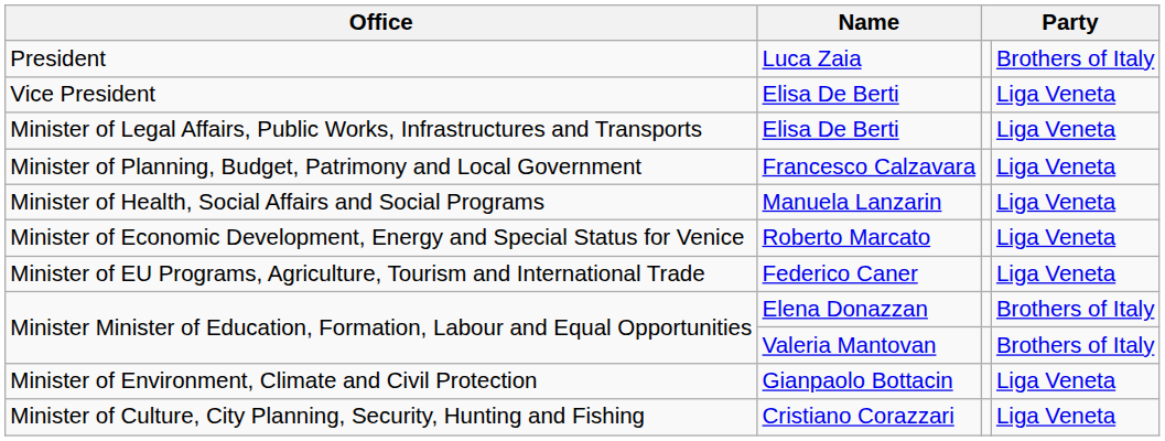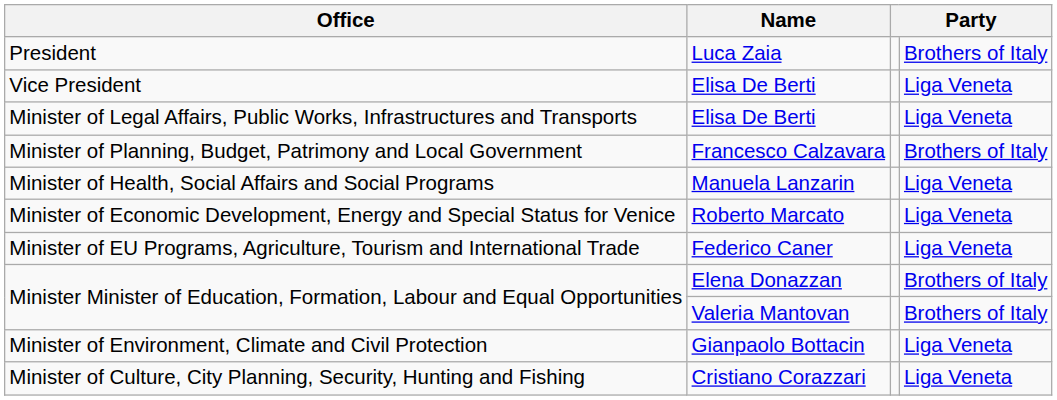 <table class="wikitable">
 <tr>
 <th>Office</th>
 <th>Name</th>
 <th colspan=2>Party</th>
 </tr>
 <tr>
 <td>President</td>
 <td><a href='#'>Luca Zaia</a></td>
 <td style="color:inherit;background:"></td>
 <td><a href='#'>Brothers of Italy</a></td>
 </tr>
 <tr>
 <td>Vice President</td>
 <td><a href='#'>Elisa De Berti</a></td>
 <td style="color:inherit;background:"></td>
 <td><a href='#'>Liga Veneta</a></td>
 </tr>
 <tr>
 <td>Minister of Legal Affairs, Public Works, Infrastructures and Transports</td>
 <td><a href='#'>Elisa De Berti</a></td>
 <td style="color:inherit;background:"></td>
 <td><a href='#'>Liga Veneta</a></td>
 </tr>
 <tr>
 <td>Minister of Planning, Budget, Patrimony and Local Government</td>
 <td><a href='#'>Francesco Calzavara</a></td>
 <td style="color:inherit;background:"></td>
-<td><a href='#'>Liga Veneta</a></td>
+<td><a href='#'>Brothers of Italy</a></td>
 </tr>
 <tr>
 <td>Minister of Health, Social Affairs and Social Programs</td>
 <td><a href='#'>Manuela Lanzarin</a></td>
 <td></td>
 <td><a href='#'>Liga Veneta</a></td>
 </tr>
 <tr>
 <td>Minister of Economic Development, Energy and Special Status for Venice</td>
 <td><a href='#'>Roberto Marcato</a></td>
 <td style="color:inherit;background:"></td>
 <td><a href='#'>Liga Veneta</a></td>
 </tr>
 <tr>
 <td>Minister of EU Programs, Agriculture, Tourism and International Trade</td>
 <td><a href='#'>Federico Caner</a></td>
 <td style="color:inherit;background:"></td>
 <td><a href='#'>Liga Veneta</a></td>
 </tr>
 <tr>
 <td rowspan=2>Minister Minister of Education, Formation, Labour and Equal Opportunities</td>
 <td><a href='#'>Elena Donazzan</a> </td>
 <td style="color:inherit;background:"></td>
 <td><a href='#'>Brothers of Italy</a></td>
 </tr>
 <tr>
 <td><a href='#'>Valeria Mantovan</a> </td>
 <td style="color:inherit;background:"></td>
 <td><a href='#'>Brothers of Italy</a></td>
 </tr>
 <tr>
 <td>Minister of Environment, Climate and Civil Protection</td>
 <td><a href='#'>Gianpaolo Bottacin</a></td>
 <td style="color:inherit;background:"></td>
 <td><a href='#'>Liga Veneta</a></td>
 </tr>
 <tr>
 <td>Minister of Culture, City Planning, Security, Hunting and Fishing</td>
 <td><a href='#'>Cristiano Corazzari</a></td>
 <td style="color:inherit;background:"></td>
 <td><a href='#'>Liga Veneta</a></td>
 </tr>
 </table>
